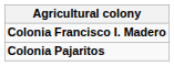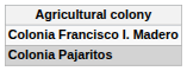 <table class="wikitable">
 <tr align=center style="background:#d8edff">
 <th>Agricultural colony</th>
 </tr>
 <tr>
 <td><strong>Colonia Francisco I. Madero</strong></td>
 </tr>
 <tr>
-<td><strong>Colonia Pajaritos</strong></td>
+<td style="background: lightgrey;"><strong>Colonia Pajaritos</strong></td>
 </tr>
 </table>
